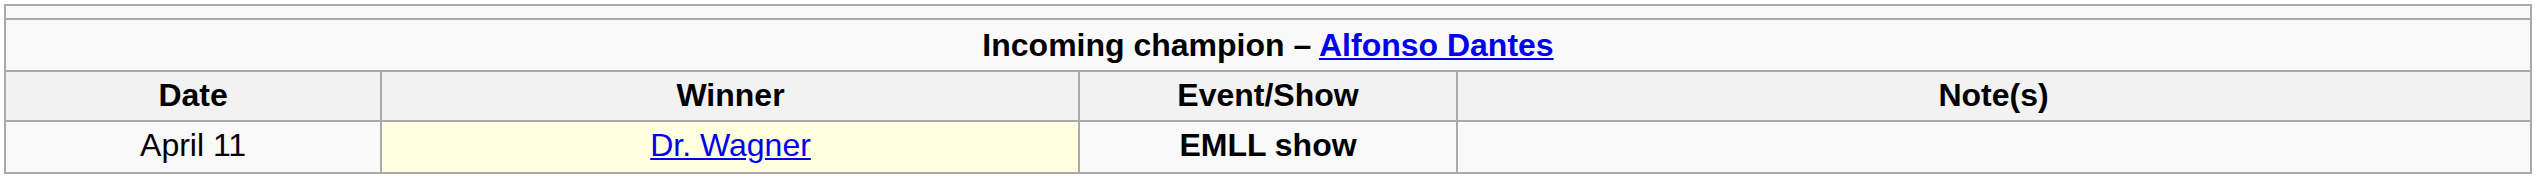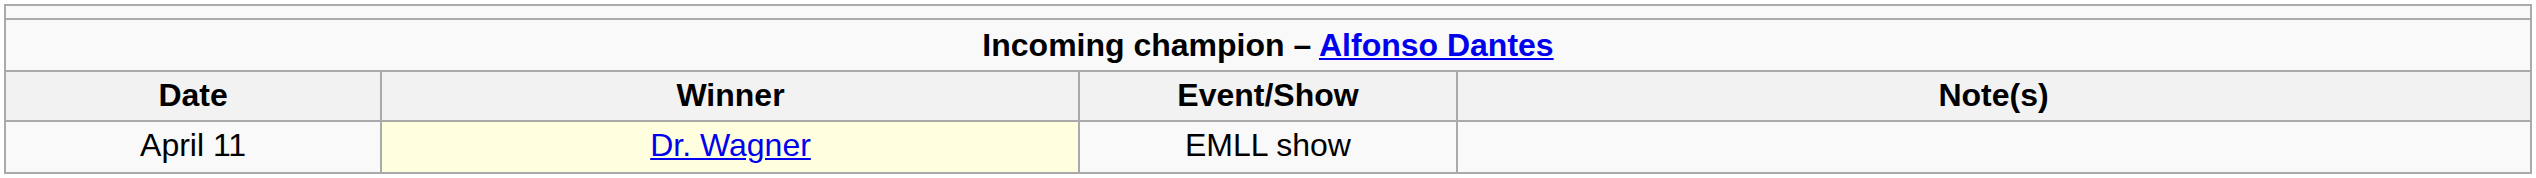 <table class="wikitable" style="text-align:center; width:100%;">
 <tr>
 <td colspan=5></td>
 </tr>
 <tr>
 <td colspan=5><strong>Incoming champion – <a href='#'>Alfonso Dantes</a></strong></td>
 </tr>
 <tr>
 <th width=14%>Date</th>
 <th width=26%>Winner</th>
 <th width=14%>Event/Show</th>
 <th width=40%>Note(s)</th>
 </tr>
 <tr>
 <td>April 11</td>
 <td style="background: lightyellow;"><a href='#'>Dr. Wagner</a></td>
-<td><strong>EMLL show</strong></td>
+<td>EMLL show</td>
 <td></td>
 </tr>
 <tr>
 </tr>
 </table>
